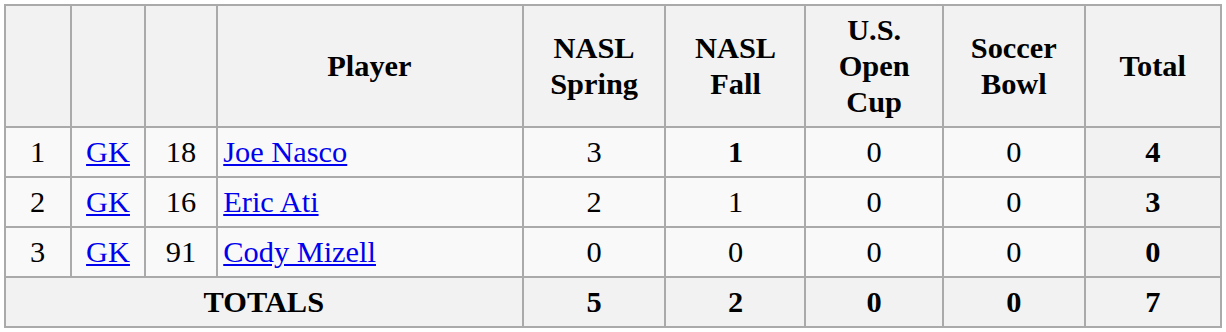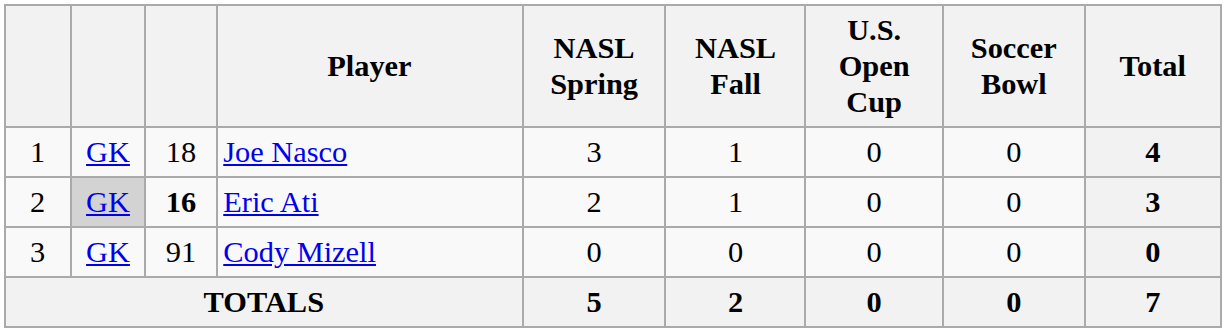 <table class="wikitable" style="font-size: 95%; text-align: center;">
 <tr>
 <th width=35></th>
 <th width=35></th>
 <th width=35></th>
 <th width=200>Player</th>
 <th width=75>NASL Spring</th>
 <th width=75>NASL Fall</th>
 <th width=75>U.S. Open Cup</th>
 <th width=75>Soccer Bowl</th>
 <th width=75>Total</th>
 </tr>
 <tr>
 <td rowspan=1>1</td>
 <td><a href='#'>GK</a></td>
 <td>18</td>
 <td align=left> <a href='#'>Joe Nasco</a></td>
 <td>3</td>
-<td><strong>1</strong></td>
+<td>1</td>
 <td>0</td>
 <td>0</td>
 <th>4</th>
 </tr>
 <tr>
 <td rowspan=1>2</td>
-<td><a href='#'>GK</a></td>
-<td>16</td>
+<td style="background: lightgrey;"><a href='#'>GK</a></td>
+<td><strong>16</strong></td>
 <td align=left> <a href='#'>Eric Ati</a></td>
 <td>2</td>
 <td>1</td>
 <td>0</td>
 <td>0</td>
 <th>3</th>
 </tr>
 <tr>
 <td rowspan=1>3</td>
 <td><a href='#'>GK</a></td>
 <td>91</td>
 <td align=left> <a href='#'>Cody Mizell</a></td>
 <td>0</td>
 <td>0</td>
 <td>0</td>
 <td>0</td>
 <th>0</th>
 </tr>
 <tr>
 <th colspan="4">TOTALS</th>
 <th>5</th>
 <th>2</th>
 <th>0</th>
 <th>0</th>
 <th>7</th>
 </tr>
 </table>
